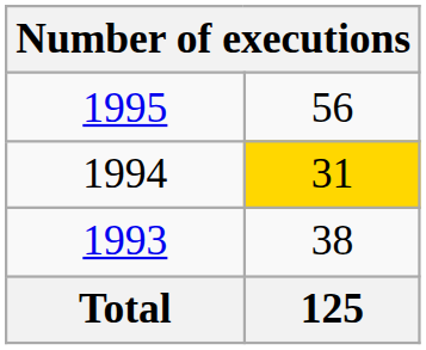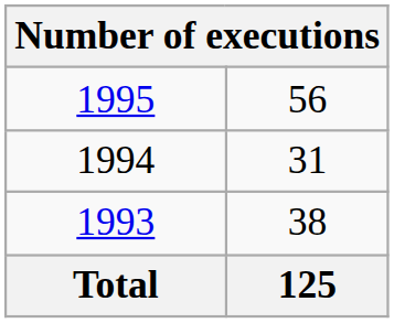 <table class="wikitable" style="text-align:center;">
 <tr>
 <th ! colspan="2">Number of executions</th>
 </tr>
 <tr>
 <td><a href='#'>1995</a></td>
 <td>56</td>
 </tr>
 <tr>
 <td>1994</td>
-<td style="background: gold;">31</td>
+<td>31</td>
 </tr>
 <tr>
 <td><a href='#'>1993</a></td>
 <td>38</td>
 </tr>
 <tr>
 <th>Total</th>
 <th>125</th>
 </tr>
 </table>
